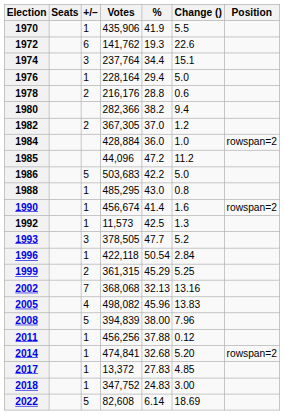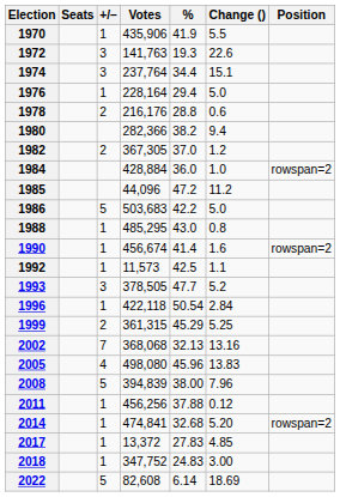 <table class="wikitable sortable">
 <tr>
 <th>Election</th>
 <th>Seats</th>
 <th>+/–</th>
 <th>Votes</th>
 <th>%</th>
 <th>Change (<a href='#'></a>)</th>
 <th>Position</th>
 </tr>
 <tr>
 <th>1970</th>
 <td></td>
 <td> 1</td>
 <td>435,906</td>
 <td>41.9</td>
 <td> 5.5</td>
 <td></td>
 </tr>
 <tr>
 <th>1972</th>
 <td></td>
-<td> 6</td>
-<td>141,762</td>
+<td> 3</td>
+<td>141,763</td>
 <td>19.3</td>
 <td> 22.6</td>
 <td></td>
 </tr>
 <tr>
 <th>1974</th>
 <td></td>
 <td> 3</td>
 <td>237,764</td>
 <td>34.4</td>
 <td> 15.1</td>
 <td></td>
 </tr>
 <tr>
 <th>1976</th>
 <td></td>
 <td> 1</td>
 <td>228,164</td>
 <td>29.4</td>
 <td> 5.0</td>
 <td></td>
 </tr>
 <tr>
 <th>1978</th>
 <td></td>
 <td> 2</td>
 <td>216,176</td>
 <td>28.8</td>
 <td> 0.6</td>
 <td></td>
 </tr>
 <tr>
 <th>1980</th>
 <td></td>
 <td></td>
 <td>282,366</td>
 <td>38.2</td>
 <td> 9.4</td>
 <td></td>
 </tr>
 <tr>
 <th>1982</th>
 <td></td>
 <td> 2</td>
 <td>367,305</td>
 <td>37.0</td>
 <td> 1.2</td>
 <td></td>
 </tr>
 <tr>
 <th>1984</th>
 <td></td>
 <td></td>
 <td>428,884</td>
 <td>36.0</td>
 <td> 1.0</td>
 <td>rowspan=2 </td>
 </tr>
 <tr>
 <th>1985</th>
 <td></td>
 <td></td>
 <td>44,096</td>
 <td>47.2</td>
 <td> 11.2</td>
 </tr>
 <tr>
 <th>1986</th>
 <td></td>
 <td> 5</td>
 <td>503,683</td>
 <td>42.2</td>
 <td> 5.0</td>
 <td></td>
 </tr>
 <tr>
 <th>1988</th>
 <td></td>
 <td> 1</td>
 <td>485,295</td>
 <td>43.0</td>
 <td> 0.8</td>
 <td></td>
 </tr>
 <tr>
 <th><a href='#'>1990</a></th>
 <td></td>
 <td> 1</td>
 <td>456,674</td>
 <td>41.4</td>
 <td> 1.6</td>
 <td>rowspan=2 </td>
 </tr>
 <tr>
 <th>1992</th>
 <td></td>
 <td> 1</td>
 <td>11,573</td>
 <td>42.5</td>
-<td> 1.3</td>
+<td> 1.1</td>
 </tr>
 <tr>
 <th><a href='#'>1993</a></th>
 <td></td>
 <td> 3</td>
 <td>378,505</td>
 <td>47.7</td>
 <td> 5.2</td>
 <td></td>
 </tr>
 <tr>
 <th><a href='#'>1996</a></th>
 <td></td>
 <td> 1</td>
 <td>422,118</td>
 <td>50.54</td>
 <td> 2.84</td>
 <td></td>
 </tr>
 <tr>
 <th><a href='#'>1999</a></th>
 <td></td>
 <td> 2</td>
 <td>361,315</td>
 <td>45.29</td>
 <td> 5.25</td>
 <td></td>
 </tr>
 <tr>
 <th><a href='#'>2002</a></th>
 <td></td>
 <td> 7</td>
 <td>368,068</td>
 <td>32.13</td>
 <td> 13.16</td>
 <td></td>
 </tr>
 <tr>
 <th><a href='#'>2005</a></th>
 <td></td>
 <td> 4</td>
-<td>498,082</td>
+<td>498,080</td>
 <td>45.96</td>
 <td> 13.83</td>
 <td></td>
 </tr>
 <tr>
 <th><a href='#'>2008</a></th>
 <td></td>
 <td> 5</td>
 <td>394,839</td>
 <td>38.00</td>
 <td> 7.96</td>
 <td></td>
 </tr>
 <tr>
 <th><a href='#'>2011</a></th>
 <td></td>
 <td> 1</td>
 <td>456,256</td>
 <td>37.88</td>
 <td> 0.12</td>
 <td></td>
 </tr>
 <tr>
 <th><a href='#'>2014</a></th>
 <td></td>
 <td> 1</td>
 <td>474,841</td>
 <td>32.68</td>
 <td> 5.20</td>
 <td>rowspan=2 </td>
 </tr>
 <tr>
 <th><a href='#'>2017</a></th>
 <td></td>
 <td> 1</td>
 <td>13,372</td>
 <td>27.83</td>
 <td> 4.85</td>
 </tr>
 <tr>
 <th><a href='#'>2018</a></th>
 <td></td>
 <td> 1</td>
 <td>347,752</td>
 <td>24.83</td>
 <td> 3.00</td>
 <td></td>
 </tr>
 <tr>
 <th><a href='#'>2022</a></th>
 <td></td>
 <td> 5</td>
 <td>82,608</td>
 <td>6.14</td>
 <td> 18.69</td>
 <td></td>
 </tr>
 </table>
